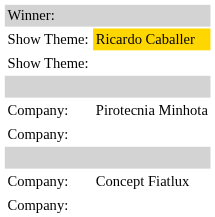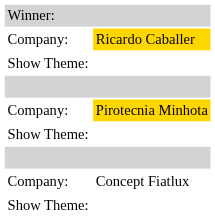 <table border="0" cellpadding="3">
 <tr>
 <td colspan="2" style="background:lightgrey;">Winner:  </td>
 </tr>
 <tr>
-<td>Show Theme:</td>
+<td>Company:</td>
 <td style="background: gold;">Ricardo Caballer</td>
 </tr>
 <tr>
 <td>Show Theme:</td>
 <td></td>
 </tr>
 <tr>
 <td colspan="2" style="background:lightgrey;"><br></td>
 </tr>
 <tr>
 <td>Company:</td>
-<td>Pirotecnia Minhota</td>
+<td style="background: gold;">Pirotecnia Minhota</td>
 </tr>
 <tr>
-<td>Company:</td>
+<td>Show Theme:</td>
 <td></td>
 </tr>
 <tr>
 <td colspan="2" style="background:lightgrey;"><br></td>
 </tr>
 <tr>
 <td>Company:</td>
 <td>Concept Fiatlux</td>
 </tr>
 <tr>
-<td>Company:</td>
+<td>Show Theme:</td>
 <td></td>
 </tr>
 </table>
